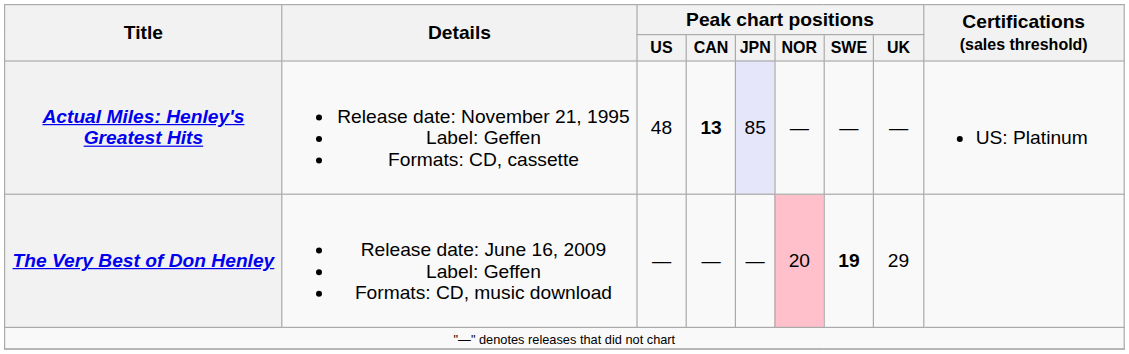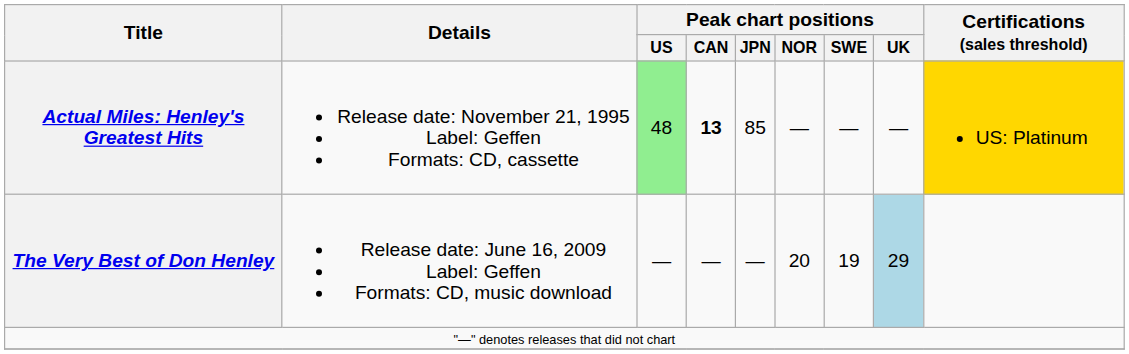 <table class="wikitable plainrowheaders" style="text-align:center;">
 <tr>
 <th rowspan="2" style="width:14em;">Title</th>
 <th rowspan="2" style="width:18em;">Details</th>
 <th colspan="6">Peak chart positions</th>
 <th rowspan="2" style="width:10em;">Certifications<br><small>(sales threshold)</small></th>
 </tr>
 <tr style="font-size:smaller;">
 <th width="35">US<br></th>
 <th width="35">CAN<br></th>
 <th>JPN<br></th>
 <th width="35">NOR<br></th>
 <th width="35">SWE<br></th>
 <th width="35">UK<br></th>
 </tr>
 <tr>
 <th scope="row"><em><a href='#'>Actual Miles: Henley's Greatest Hits</a></em></th>
 <td><br><ul><li>Release date: November 21, 1995</li><li>Label: Geffen</li><li>Formats: CD, cassette</li></ul></td>
-<td>48</td>
+<td style="background: lightgreen;">48</td>
 <td><strong>13</strong></td>
-<td style="background: lavender;">85</td>
+<td>85</td>
 <td>—</td>
 <td>—</td>
 <td>—</td>
-<td align="left"><br><ul><li>US: Platinum</li></ul></td>
+<td align="left" style="background: gold;"><br><ul><li>US: Platinum</li></ul></td>
 </tr>
 <tr>
 <th scope="row"><em><a href='#'>The Very Best of Don Henley</a></em></th>
 <td><br><ul><li>Release date: June 16, 2009</li><li>Label: Geffen</li><li>Formats: CD, music download</li></ul></td>
 <td>—</td>
 <td>—</td>
 <td>—</td>
-<td style="background: pink;">20</td>
-<td><strong>19</strong></td>
-<td>29</td>
+<td>20</td>
+<td>19</td>
+<td style="background: lightblue;">29</td>
 <td></td>
 </tr>
 <tr>
 <td colspan="21" style="font-size:8pt">"—" denotes releases that did not chart</td>
 </tr>
 <tr>
 </tr>
 </table>
